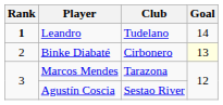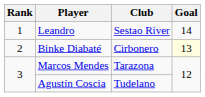 <table class="wikitable">
 <tr>
 <th>Rank</th>
 <th>Player</th>
 <th>Club</th>
 <th>Goal</th>
 </tr>
 <tr>
-<td align="center"><strong>1</strong></td>
+<td align="center">1</td>
 <td> <a href='#'>Leandro</a></td>
-<td><a href='#'>Tudelano</a></td>
+<td><a href='#'>Sestao River</a></td>
 <td align="center">14</td>
 </tr>
 <tr>
 <td align="center">2</td>
 <td> <a href='#'>Binke Diabaté</a></td>
 <td><a href='#'>Cirbonero</a></td>
 <td align="center" style="background: lightyellow;">13</td>
 </tr>
 <tr>
 <td rowspan="2" align="center">3</td>
 <td> <a href='#'>Marcos Mendes</a></td>
 <td><a href='#'>Tarazona</a></td>
 <td rowspan="2" align="center">12</td>
 </tr>
 <tr>
 <td> <a href='#'>Agustín Coscia</a></td>
-<td><a href='#'>Sestao River</a></td>
+<td><a href='#'>Tudelano</a></td>
 </tr>
 </table>
